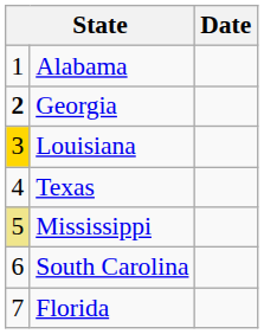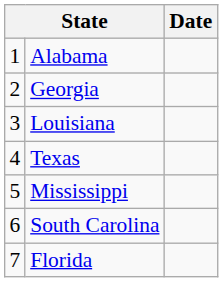 <table class="sortable wikitable" style="align:left">
 <tr>
 <th colspan=2>State</th>
 <th>Date</th>
 </tr>
 <tr>
 <td data-sort-value="Alabama">1</td>
 <td> <a href='#'>Alabama</a></td>
 <td></td>
 </tr>
 <tr>
-<td data-sort-value="Georgia"><strong>2</strong></td>
+<td data-sort-value="Georgia">2</td>
 <td> <a href='#'>Georgia</a></td>
 <td></td>
 </tr>
 <tr>
-<td data-sort-value="Louisiana" style="background: gold;">3</td>
+<td data-sort-value="Louisiana">3</td>
 <td> <a href='#'>Louisiana</a></td>
 <td></td>
 </tr>
 <tr>
 <td data-sort-value="Texas">4</td>
 <td> <a href='#'>Texas</a></td>
 <td></td>
 </tr>
 <tr>
-<td data-sort-value="Mississippi" style="background: khaki;">5</td>
+<td data-sort-value="Mississippi">5</td>
 <td> <a href='#'>Mississippi</a></td>
 <td></td>
 </tr>
 <tr>
 <td data-sort-value="South Carolina">6</td>
 <td> <a href='#'>South Carolina</a></td>
 <td></td>
 </tr>
 <tr>
 <td data-sort-value="Florida">7</td>
 <td> <a href='#'>Florida</a></td>
 <td></td>
 </tr>
 </table>
